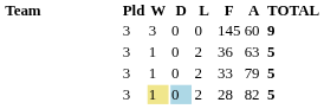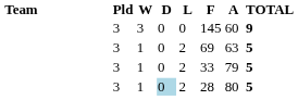 <table>
 <tr>
 <td><br></td>
 </tr>
 <tr border=1 cellpadding=5 cellspacing=0>
 <th width="200">Team</th>
 <th width="20">Pld</th>
 <th width="20">W</th>
 <th width="20">D</th>
 <th width="20">L</th>
 <th width="20">F</th>
 <th width="20">A</th>
 <th width="20">TOTAL</th>
 </tr>
 <tr>
 <td align=left></td>
 <td>3</td>
 <td>3</td>
 <td>0</td>
 <td>0</td>
 <td>145</td>
 <td>60</td>
 <td><strong>9</strong></td>
 </tr>
 <tr>
 <td align=left></td>
 <td>3</td>
 <td>1</td>
 <td>0</td>
 <td>2</td>
-<td>36</td>
+<td>69</td>
 <td>63</td>
 <td><strong>5</strong></td>
 </tr>
 <tr>
 <td align=left></td>
 <td>3</td>
 <td>1</td>
 <td>0</td>
 <td>2</td>
 <td>33</td>
 <td>79</td>
 <td><strong>5</strong></td>
 </tr>
 <tr>
 <td align=left></td>
 <td>3</td>
-<td style="background: khaki;">1</td>
+<td>1</td>
 <td style="background: lightblue;">0</td>
 <td>2</td>
 <td>28</td>
-<td>82</td>
+<td>80</td>
 <td><strong>5</strong></td>
 </tr>
 </table>
